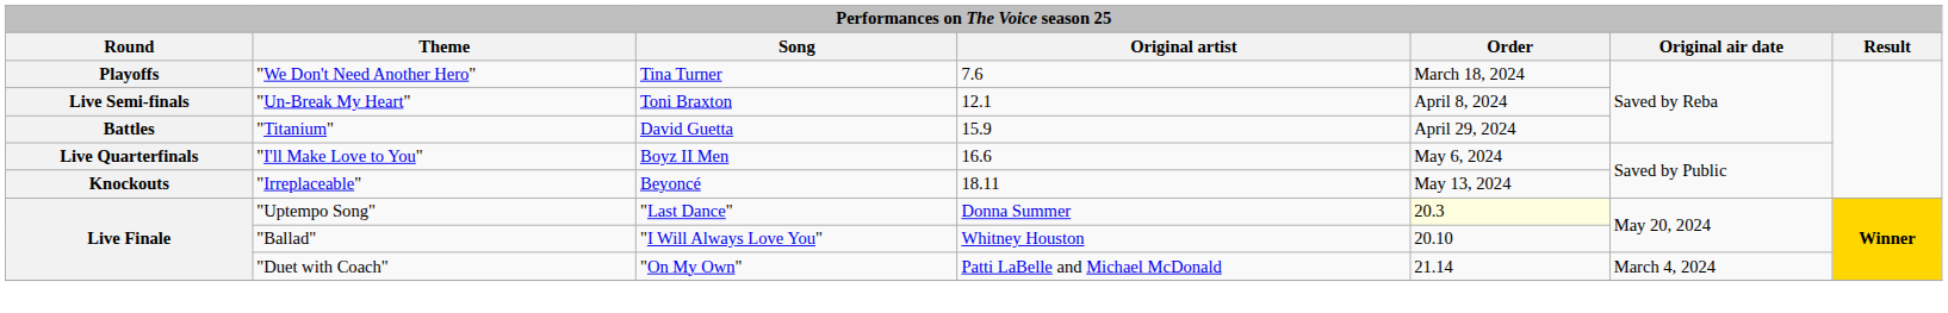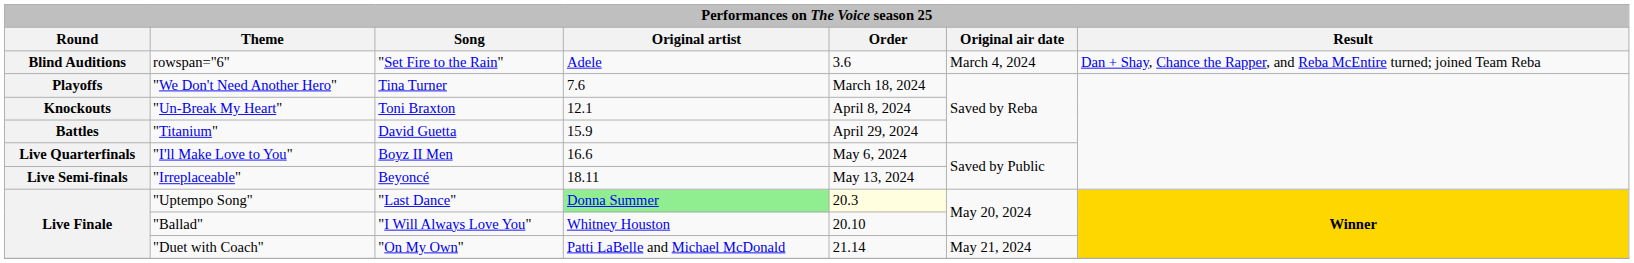 <table class="wikitable collapsible autocollapse" style="width:90%; margin:1em auto 1em auto;">
 <tr>
 <th colspan="7" style="background:#BFBFBF;">Performances on <em>The Voice</em> season 25</th>
 </tr>
 <tr>
 <th>Round</th>
 <th>Theme</th>
 <th>Song</th>
 <th>Original artist</th>
 <th>Order</th>
 <th>Original air date</th>
 <th>Result</th>
 </tr>
 <tr>
+<th scope="row">Blind Auditions</th>
+<td>rowspan="6" </td>
+<td>"<a href='#'>Set Fire to the Rain</a>"</td>
+<td><a href='#'>Adele</a></td>
+<td>3.6</td>
+<td>March 4, 2024</td>
+<td><a href='#'>Dan + Shay</a>, <a href='#'>Chance the Rapper</a>, and <a href='#'>Reba McEntire</a> turned; joined Team Reba</td>
+</tr>
+<tr>
 <th scope="row">Playoffs<br></th>
 <td>"<a href='#'>We Don't Need Another Hero</a>" </td>
 <td><a href='#'>Tina Turner</a></td>
 <td>7.6</td>
 <td>March 18, 2024</td>
 <td rowspan="3">Saved by Reba</td>
 </tr>
 <tr>
-<th scope="row">Live Semi-finals<br></th>
+<th scope="row">Knockouts<br></th>
 <td>"<a href='#'>Un-Break My Heart</a>" </td>
 <td><a href='#'>Toni Braxton</a></td>
 <td>12.1</td>
 <td>April 8, 2024</td>
 </tr>
 <tr>
 <th scope="row">Battles<br></th>
 <td>"<a href='#'>Titanium</a>"</td>
 <td><a href='#'>David Guetta</a>  </td>
 <td>15.9</td>
 <td>April 29, 2024</td>
 </tr>
 <tr>
 <th scope="row">Live Quarterfinals<br></th>
 <td>"<a href='#'>I'll Make Love to You</a>"</td>
 <td><a href='#'>Boyz II Men</a></td>
 <td>16.6</td>
 <td>May 6, 2024</td>
 <td rowspan="2">Saved by Public</td>
 </tr>
 <tr>
-<th scope="row">Knockouts<br></th>
+<th scope="row">Live Semi-finals<br></th>
 <td>"<a href='#'>Irreplaceable</a>"</td>
 <td><a href='#'>Beyoncé</a></td>
 <td>18.11</td>
 <td>May 13, 2024</td>
 </tr>
 <tr>
 <th rowspan=3>Live Finale<br></th>
 <td>"Uptempo Song"</td>
 <td>"<a href='#'>Last Dance</a>"</td>
-<td><a href='#'>Donna Summer</a></td>
+<td style="background: lightgreen;"><a href='#'>Donna Summer</a></td>
 <td style="background: lightyellow;">20.3</td>
 <td rowspan="2">May 20, 2024</td>
 <th rowspan=3 style="background:gold;">Winner</th>
 </tr>
 <tr>
 <td>"Ballad"</td>
 <td>"<a href='#'>I Will Always Love You</a>"</td>
 <td><a href='#'>Whitney Houston</a></td>
 <td>20.10</td>
 </tr>
 <tr>
 <td>"Duet with Coach"</td>
 <td>"<a href='#'>On My Own</a>" </td>
 <td><a href='#'>Patti LaBelle</a> and <a href='#'>Michael McDonald</a></td>
 <td>21.14</td>
-<td>March 4, 2024</td>
+<td>May 21, 2024</td>
 </tr>
 <tr>
 </tr>
 </table>
